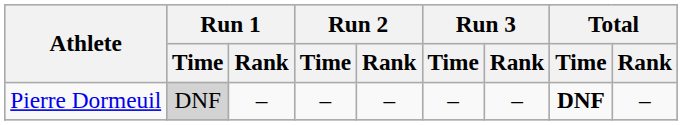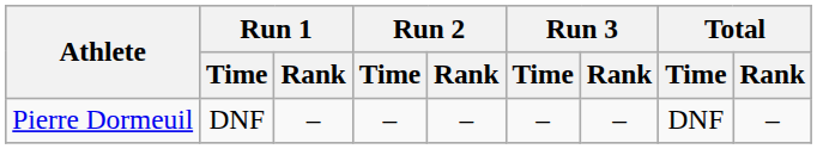 <table class="wikitable" border="1" style="font-size:90%">
 <tr>
 <th rowspan="2">Athlete</th>
 <th colspan="2">Run 1</th>
 <th colspan="2">Run 2</th>
 <th colspan="2">Run 3</th>
 <th colspan="2">Total</th>
 </tr>
 <tr>
 <th>Time</th>
 <th>Rank</th>
 <th>Time</th>
 <th>Rank</th>
 <th>Time</th>
 <th>Rank</th>
 <th>Time</th>
 <th>Rank</th>
 </tr>
 <tr>
 <td><a href='#'>Pierre Dormeuil</a></td>
-<td align="center" style="background: lightgrey;">DNF</td>
+<td align="center">DNF</td>
 <td align="center">–</td>
 <td align="center">–</td>
 <td align="center">–</td>
 <td align="center">–</td>
 <td align="center">–</td>
-<td align="center"><strong>DNF</strong></td>
+<td align="center">DNF</td>
 <td align="center">–</td>
 </tr>
 </table>
